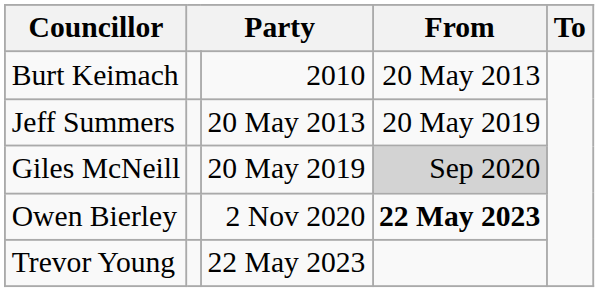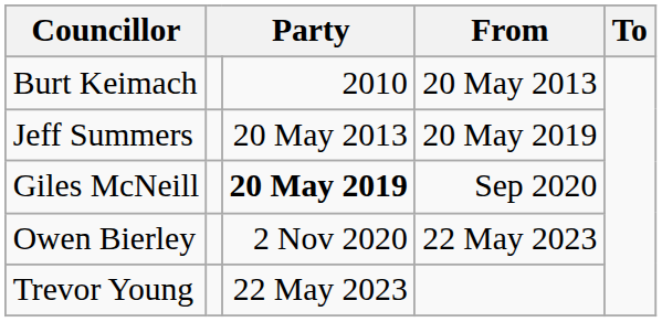 <table class=wikitable>
 <tr>
 <th>Councillor</th>
 <th colspan=2>Party</th>
 <th>From</th>
 <th>To</th>
 </tr>
 <tr>
 <td>Burt Keimach</td>
 <td></td>
 <td align=right>2010</td>
 <td align=right>20 May 2013</td>
 </tr>
 <tr>
 <td>Jeff Summers</td>
 <td></td>
 <td align=right>20 May 2013</td>
 <td align=right>20 May 2019</td>
 </tr>
 <tr>
 <td>Giles McNeill</td>
 <td></td>
-<td align=right>20 May 2019</td>
-<td align=right style="background: lightgrey;">Sep 2020</td>
+<td align=right><strong>20 May 2019</strong></td>
+<td align=right>Sep 2020</td>
 </tr>
 <tr>
 <td>Owen Bierley</td>
 <td></td>
 <td align=right>2 Nov 2020</td>
-<td align=right><strong>22 May 2023</strong></td>
+<td align=right>22 May 2023</td>
 </tr>
 <tr>
 <td>Trevor Young</td>
 <td></td>
 <td align=right>22 May 2023</td>
 <td align=right></td>
 </tr>
 </table>
